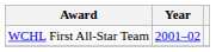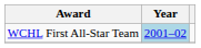 <table class="wikitable">
 <tr>
 <th>Award</th>
 <th>Year</th>
 <th></th>
 </tr>
 <tr>
 <td><a href='#'>WCHL</a> First All-Star Team</td>
-<td><a href='#'>2001–02</a></td>
+<td style="background: lightblue;"><a href='#'>2001–02</a></td>
 <td></td>
 </tr>
 <tr>
 </tr>
 </table>
